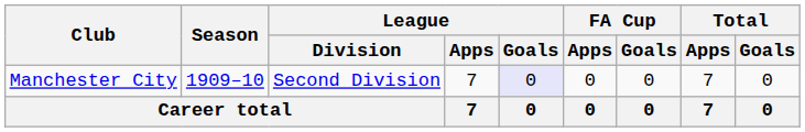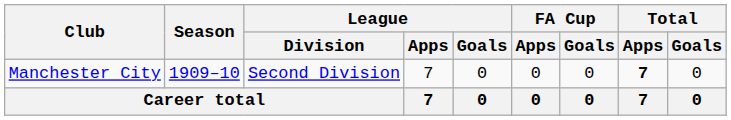 <table class="wikitable" style="text-align: center;">
 <tr>
 <th rowspan="2">Club</th>
 <th rowspan="2">Season</th>
 <th colspan="3">League</th>
 <th colspan="2">FA Cup</th>
 <th colspan="2">Total</th>
 </tr>
 <tr>
 <th>Division</th>
 <th>Apps</th>
 <th>Goals</th>
 <th>Apps</th>
 <th>Goals</th>
 <th>Apps</th>
 <th>Goals</th>
 </tr>
 <tr>
 <td><a href='#'>Manchester City</a></td>
 <td><a href='#'>1909–10</a></td>
 <td><a href='#'>Second Division</a></td>
 <td>7</td>
-<td style="background: lavender;">0</td>
 <td>0</td>
 <td>0</td>
-<td>7</td>
+<td>0</td>
+<td><strong>7</strong></td>
 <td>0</td>
 </tr>
 <tr>
 <th colspan="3">Career total</th>
 <th>7</th>
 <th>0</th>
 <th>0</th>
 <th>0</th>
 <th>7</th>
 <th>0</th>
 </tr>
 </table>
